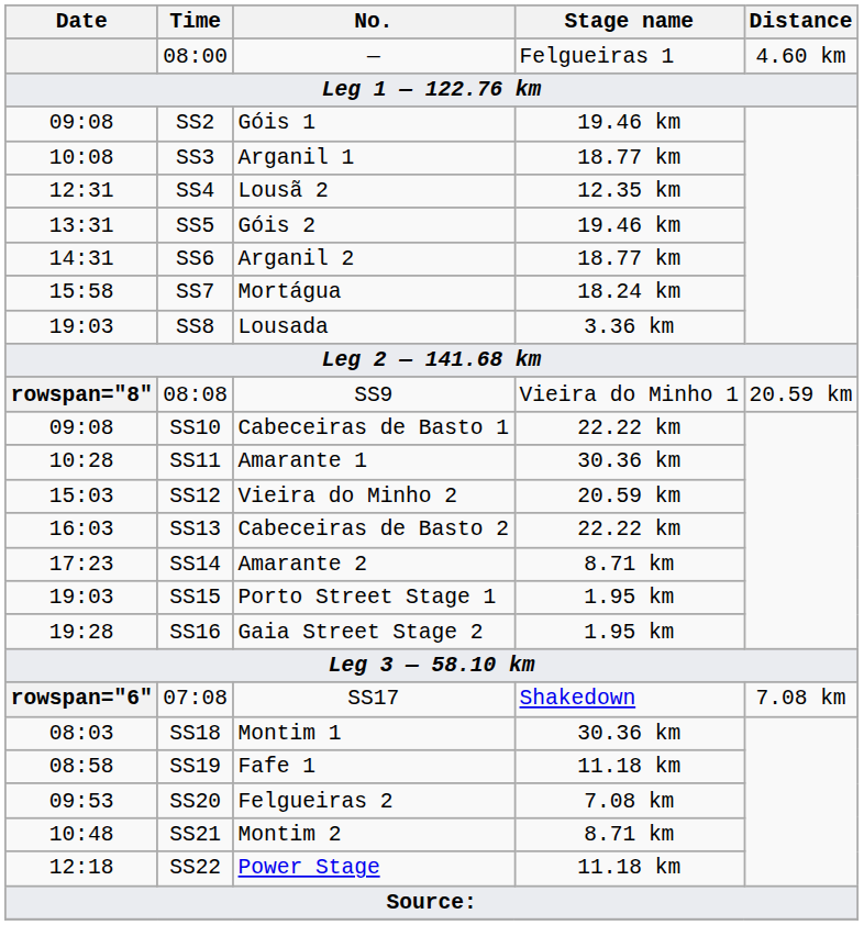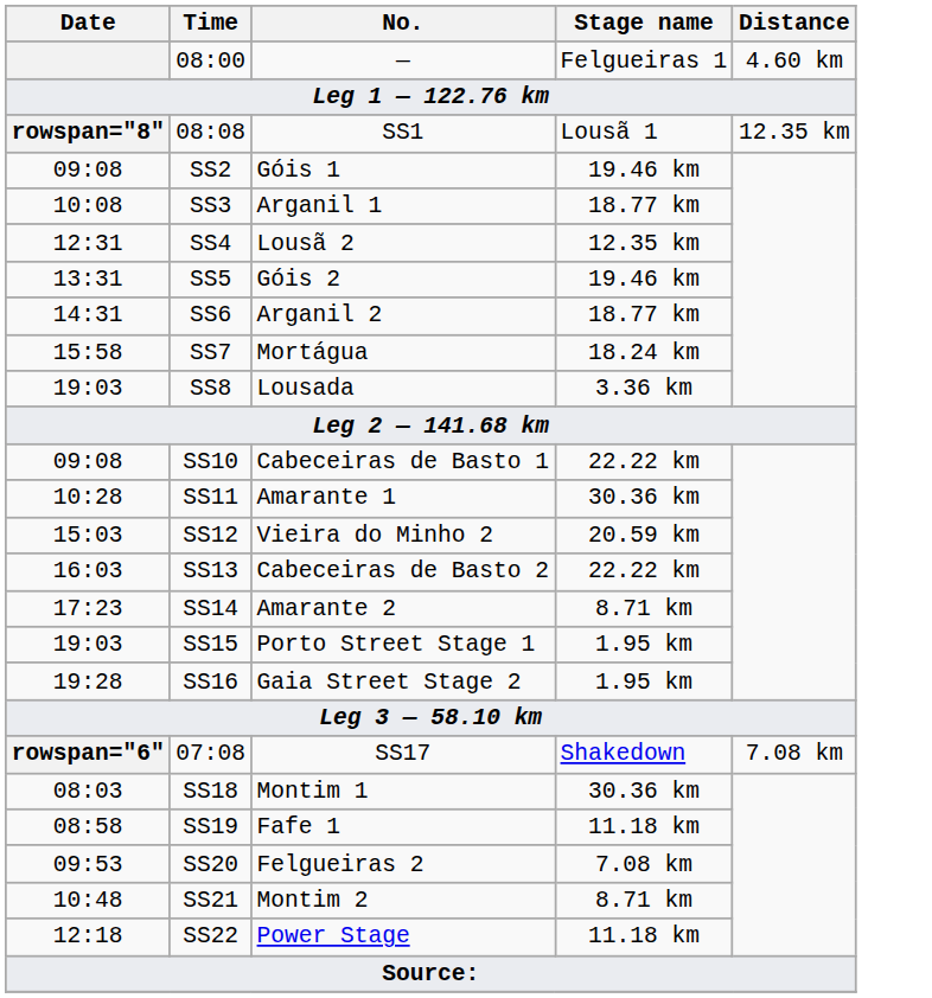 <table class="wikitable" style="font-size: 85%;">
 <tr>
 <th>Date</th>
 <th>Time</th>
 <th>No.</th>
 <th>Stage name</th>
 <th>Distance</th>
 </tr>
 <tr>
 <th></th>
 <td align="center">08:00</td>
 <td align="center">—</td>
 <td>Felgueiras 1</td>
 <td align="center">4.60 km</td>
 </tr>
 <tr>
 <td style="background-color:#EAECF0; text-align:center" colspan="5"><strong><em>Leg 1 — 122.76 km</em></strong></td>
+</tr>
+<tr>
+<th>rowspan="8" </th>
+<td align="center">08:08</td>
+<td align="center">SS1</td>
+<td>Lousã 1</td>
+<td align="center">12.35 km</td>
 </tr>
 <tr>
 <td align="center">09:08</td>
 <td align="center">SS2</td>
 <td>Góis 1</td>
 <td align="center">19.46 km</td>
 </tr>
 <tr>
 <td align="center">10:08</td>
 <td align="center">SS3</td>
 <td>Arganil 1</td>
 <td align="center">18.77 km</td>
 </tr>
 <tr>
 <td align="center">12:31</td>
 <td align="center">SS4</td>
 <td>Lousã 2</td>
 <td align="center">12.35 km</td>
 </tr>
 <tr>
 <td align="center">13:31</td>
 <td align="center">SS5</td>
 <td>Góis 2</td>
 <td align="center">19.46 km</td>
 </tr>
 <tr>
 <td align="center">14:31</td>
 <td align="center">SS6</td>
 <td>Arganil 2</td>
 <td align="center">18.77 km</td>
 </tr>
 <tr>
 <td align="center">15:58</td>
 <td align="center">SS7</td>
 <td>Mortágua</td>
 <td align="center">18.24 km</td>
 </tr>
 <tr>
 <td align="center">19:03</td>
 <td align="center">SS8</td>
 <td>Lousada</td>
 <td align="center">3.36 km</td>
 </tr>
 <tr>
 <td style="background-color:#EAECF0; text-align:center" colspan="5"><strong><em>Leg 2 — 141.68 km</em></strong></td>
-</tr>
-<tr>
-<th>rowspan="8" </th>
-<td align="center">08:08</td>
-<td align="center">SS9</td>
-<td>Vieira do Minho 1</td>
-<td align="center">20.59 km</td>
 </tr>
 <tr>
 <td align="center">09:08</td>
 <td align="center">SS10</td>
 <td>Cabeceiras de Basto 1</td>
 <td align="center">22.22 km</td>
 </tr>
 <tr>
 <td align="center">10:28</td>
 <td align="center">SS11</td>
 <td>Amarante 1</td>
 <td align="center">30.36 km</td>
 </tr>
 <tr>
 <td align="center">15:03</td>
 <td align="center">SS12</td>
 <td>Vieira do Minho 2</td>
 <td align="center">20.59 km</td>
 </tr>
 <tr>
 <td align="center">16:03</td>
 <td align="center">SS13</td>
 <td>Cabeceiras de Basto 2</td>
 <td align="center">22.22 km</td>
 </tr>
 <tr>
 <td align="center">17:23</td>
 <td align="center">SS14</td>
 <td>Amarante 2</td>
 <td align="center">8.71 km</td>
 </tr>
 <tr>
 <td align="center">19:03</td>
 <td align="center">SS15</td>
 <td>Porto Street Stage 1</td>
 <td align="center">1.95 km</td>
 </tr>
 <tr>
 <td align="center">19:28</td>
 <td align="center">SS16</td>
 <td>Gaia Street Stage 2</td>
 <td align="center">1.95 km</td>
 </tr>
 <tr>
 <td style="background-color:#EAECF0; text-align:center" colspan="5"><strong><em>Leg 3 — 58.10 km</em></strong></td>
 </tr>
 <tr>
 <th>rowspan="6" </th>
 <td align="center">07:08</td>
 <td align="center">SS17</td>
 <td nowrap><a href='#'>Shakedown</a></td>
 <td align="center">7.08 km</td>
 </tr>
 <tr>
 <td align="center">08:03</td>
 <td align="center">SS18</td>
 <td>Montim 1</td>
 <td align="center">30.36 km</td>
 </tr>
 <tr>
 <td align="center">08:58</td>
 <td align="center">SS19</td>
 <td>Fafe 1</td>
 <td align="center">11.18 km</td>
 </tr>
 <tr>
 <td align="center">09:53</td>
 <td align="center">SS20</td>
 <td>Felgueiras 2</td>
 <td align="center">7.08 km</td>
 </tr>
 <tr>
 <td align="center">10:48</td>
 <td align="center">SS21</td>
 <td>Montim 2</td>
 <td align="center">8.71 km</td>
 </tr>
 <tr>
 <td align="center">12:18</td>
 <td align="center">SS22</td>
 <td><a href='#'>Power Stage</a></td>
 <td align="center">11.18 km</td>
 </tr>
 <tr>
 <td style="background-color:#EAECF0; text-align:center" colspan="5"><strong>Source:</strong></td>
 </tr>
 <tr>
 </tr>
 </table>
